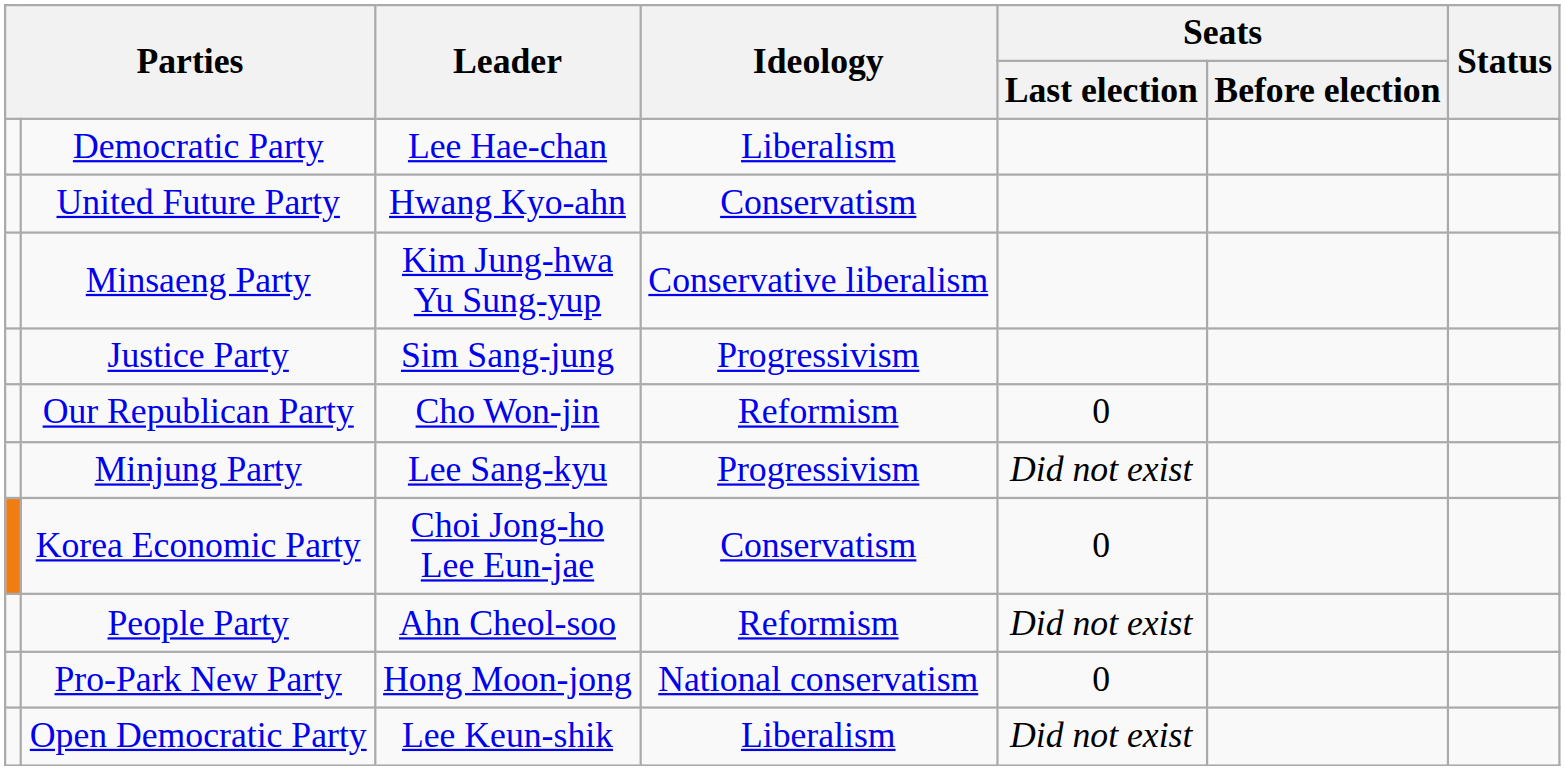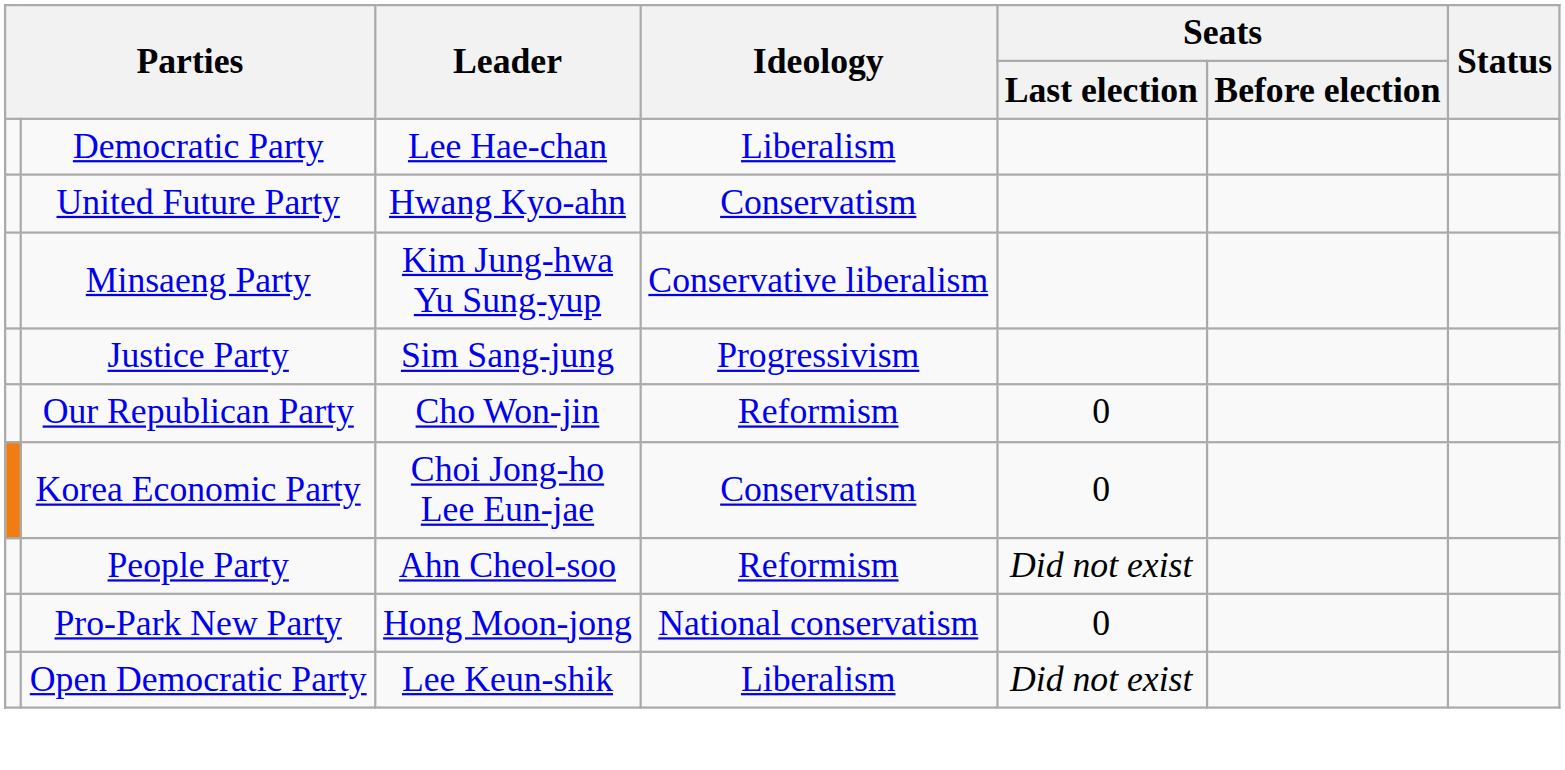 <table class="wikitable" style="text-align:center">
 <tr>
 <th colspan="2" rowspan="2">Parties</th>
 <th rowspan="2">Leader</th>
 <th rowspan="2">Ideology</th>
 <th colspan="2">Seats</th>
 <th rowspan="2">Status</th>
 </tr>
 <tr>
 <th>Last election</th>
 <th>Before election</th>
 </tr>
 <tr>
 <td style="background:"></td>
 <td><a href='#'>Democratic Party</a></td>
 <td><a href='#'>Lee Hae-chan</a></td>
 <td><a href='#'>Liberalism</a></td>
 <td></td>
 <td></td>
 <td></td>
 </tr>
 <tr>
 <td style="background:"></td>
 <td><a href='#'>United Future Party</a></td>
 <td><a href='#'>Hwang Kyo-ahn</a></td>
 <td><a href='#'>Conservatism</a></td>
 <td></td>
 <td></td>
 <td></td>
 </tr>
 <tr>
 <td style="background:"></td>
 <td><a href='#'>Minsaeng Party</a></td>
 <td><a href='#'>Kim Jung-hwa</a><br><a href='#'>Yu Sung-yup</a></td>
 <td><a href='#'>Conservative liberalism</a></td>
 <td></td>
 <td></td>
 <td></td>
 </tr>
 <tr>
 <td style="background:"></td>
 <td><a href='#'>Justice Party</a></td>
 <td><a href='#'>Sim Sang-jung</a></td>
 <td><a href='#'>Progressivism</a></td>
 <td></td>
 <td></td>
 <td></td>
 </tr>
 <tr>
 <td style="background:"></td>
 <td><a href='#'>Our Republican Party</a></td>
 <td><a href='#'>Cho Won-jin</a></td>
 <td><a href='#'>Reformism</a></td>
 <td>0</td>
 <td></td>
 <td></td>
 </tr>
 <tr>
-<td style="background:"></td>
-<td><a href='#'>Minjung Party</a></td>
-<td><a href='#'>Lee Sang-kyu</a></td>
-<td><a href='#'>Progressivism</a></td>
-<td><em>Did not exist</em></td>
-<td></td>
-<td></td>
-</tr>
-<tr>
 <td style="background:#F07D12"></td>
 <td><a href='#'>Korea Economic Party</a></td>
 <td><a href='#'>Choi Jong-ho</a><br><a href='#'>Lee Eun-jae</a></td>
 <td><a href='#'>Conservatism</a></td>
 <td>0</td>
 <td></td>
 <td></td>
 </tr>
 <tr>
 <td style="background:"></td>
 <td><a href='#'>People Party</a></td>
 <td><a href='#'>Ahn Cheol-soo</a></td>
 <td><a href='#'>Reformism</a></td>
 <td><em>Did not exist</em></td>
 <td></td>
 <td></td>
 </tr>
 <tr>
 <td style="background:"></td>
 <td><a href='#'>Pro-Park New Party</a></td>
 <td><a href='#'>Hong Moon-jong</a></td>
 <td><a href='#'>National conservatism</a></td>
 <td>0</td>
 <td></td>
 <td></td>
 </tr>
 <tr>
 <td style="background:"></td>
 <td><a href='#'>Open Democratic Party</a></td>
 <td><a href='#'>Lee Keun-shik</a></td>
 <td><a href='#'>Liberalism</a></td>
 <td><em>Did not exist</em></td>
 <td></td>
 <td></td>
 </tr>
 </table>
